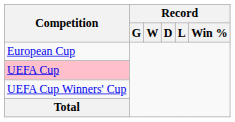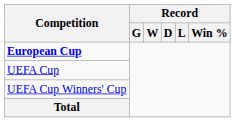 <table class="wikitable" style="text-align: center">
 <tr>
 <th rowspan="2">Competition</th>
 <th colspan="7">Record</th>
 </tr>
 <tr>
 <th>G</th>
 <th>W</th>
 <th>D</th>
 <th>L</th>
 <th>Win %</th>
 </tr>
 <tr>
-<td align=left><a href='#'>European Cup</a><br></td>
+<td align=left><strong><a href='#'>European Cup</a><br></strong></td>
 </tr>
 <tr>
-<td align=left style="background: pink;"><a href='#'>UEFA Cup</a><br></td>
+<td align=left><a href='#'>UEFA Cup</a><br></td>
 </tr>
 <tr>
 <td align=left><a href='#'>UEFA Cup Winners' Cup</a><br></td>
 </tr>
 <tr>
 <th>Total<br></th>
 </tr>
 </table>
